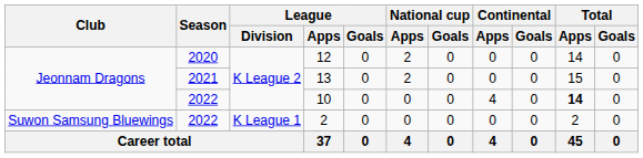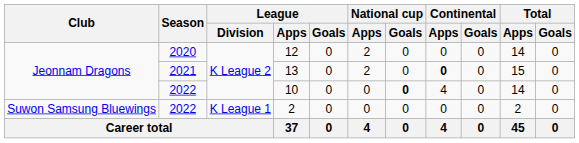 <table class="wikitable" style="text-align: center">
 <tr>
 <th rowspan="2">Club</th>
 <th rowspan="2">Season</th>
 <th colspan="3">League</th>
 <th colspan="2">National cup</th>
 <th colspan="2">Continental</th>
 <th colspan="2">Total</th>
 </tr>
 <tr>
 <th>Division</th>
 <th>Apps</th>
 <th>Goals</th>
 <th>Apps</th>
 <th>Goals</th>
 <th>Apps</th>
 <th>Goals</th>
 <th>Apps</th>
 <th>Goals</th>
 </tr>
 <tr>
 <td rowspan=3><a href='#'>Jeonnam Dragons</a></td>
 <td><a href='#'>2020</a></td>
 <td rowspan=3><a href='#'>K League 2</a></td>
 <td>12</td>
 <td>0</td>
 <td>2</td>
 <td>0</td>
 <td>0</td>
 <td>0</td>
 <td>14</td>
 <td>0</td>
 </tr>
 <tr>
 <td><a href='#'>2021</a></td>
 <td>13</td>
 <td>0</td>
 <td>2</td>
 <td>0</td>
-<td>0</td>
+<td><strong>0</strong></td>
 <td>0</td>
 <td>15</td>
 <td>0</td>
 </tr>
 <tr>
 <td><a href='#'>2022</a></td>
 <td>10</td>
 <td>0</td>
 <td>0</td>
-<td>0</td>
+<td><strong>0</strong></td>
 <td>4</td>
 <td>0</td>
-<td><strong>14</strong></td>
+<td>14</td>
 <td>0</td>
 </tr>
 <tr>
 <td><a href='#'>Suwon Samsung Bluewings</a></td>
 <td><a href='#'>2022</a></td>
 <td><a href='#'>K League 1</a></td>
 <td>2</td>
 <td>0</td>
 <td>0</td>
 <td>0</td>
 <td>0</td>
 <td>0</td>
 <td>2</td>
 <td>0</td>
 </tr>
 <tr>
 <th colspan=3>Career total</th>
 <th>37</th>
 <th>0</th>
 <th>4</th>
 <th>0</th>
 <th>4</th>
 <th>0</th>
 <th>45</th>
 <th>0</th>
 </tr>
 </table>
